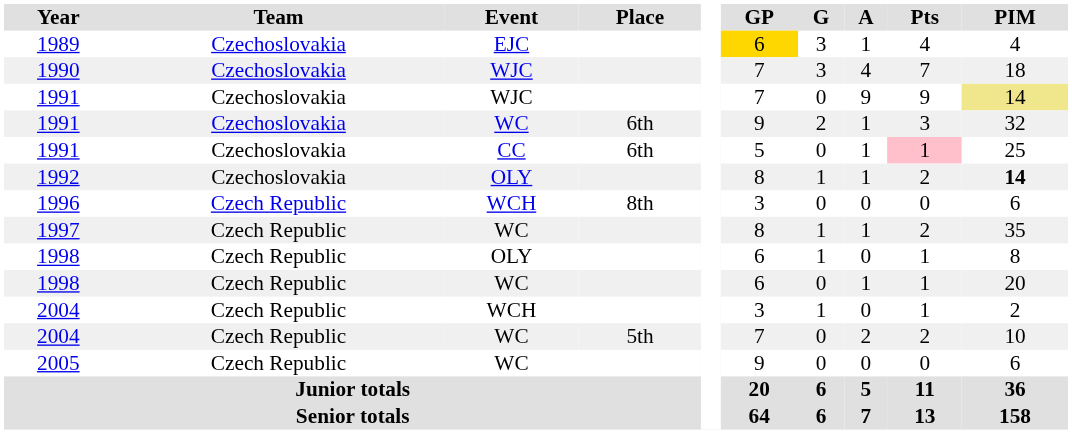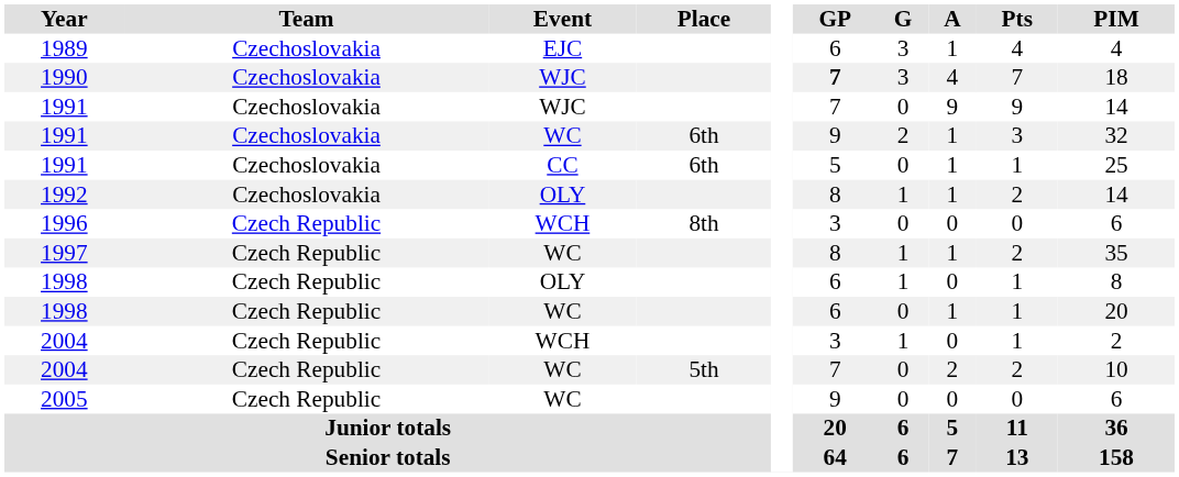 <table border="0" cellpadding="1" cellspacing="0" style="text-align:center; width:50em">
 <tr ALIGN="center" bgcolor="#e0e0e0">
 <th>Year</th>
 <th>Team</th>
 <th>Event</th>
 <th>Place</th>
 <th ALIGN="center" rowspan="99" bgcolor="#ffffff"> </th>
 <th>GP</th>
 <th>G</th>
 <th>A</th>
 <th>Pts</th>
 <th>PIM</th>
 </tr>
 <tr>
 <td><a href='#'>1989</a></td>
 <td><a href='#'>Czechoslovakia</a></td>
 <td><a href='#'>EJC</a></td>
 <td></td>
-<td style="background: gold;">6</td>
+<td>6</td>
 <td>3</td>
 <td>1</td>
 <td>4</td>
 <td>4</td>
 </tr>
 <tr bgcolor="#f0f0f0">
 <td><a href='#'>1990</a></td>
 <td><a href='#'>Czechoslovakia</a></td>
 <td><a href='#'>WJC</a></td>
 <td></td>
-<td>7</td>
+<td><strong>7</strong></td>
 <td>3</td>
 <td>4</td>
 <td>7</td>
 <td>18</td>
 </tr>
 <tr>
 <td><a href='#'>1991</a></td>
 <td>Czechoslovakia</td>
 <td>WJC</td>
 <td></td>
 <td>7</td>
 <td>0</td>
 <td>9</td>
 <td>9</td>
-<td style="background: khaki;">14</td>
+<td>14</td>
 </tr>
 <tr bgcolor="#f0f0f0">
 <td><a href='#'>1991</a></td>
 <td><a href='#'>Czechoslovakia</a></td>
 <td><a href='#'>WC</a></td>
 <td>6th</td>
 <td>9</td>
 <td>2</td>
 <td>1</td>
 <td>3</td>
 <td>32</td>
 </tr>
 <tr>
 <td><a href='#'>1991</a></td>
 <td>Czechoslovakia</td>
 <td><a href='#'>CC</a></td>
 <td>6th</td>
 <td>5</td>
 <td>0</td>
 <td>1</td>
-<td style="background: pink;">1</td>
+<td>1</td>
 <td>25</td>
 </tr>
 <tr bgcolor="#f0f0f0">
 <td><a href='#'>1992</a></td>
 <td>Czechoslovakia</td>
 <td><a href='#'>OLY</a></td>
 <td></td>
 <td>8</td>
 <td>1</td>
 <td>1</td>
 <td>2</td>
-<td><strong>14</strong></td>
+<td>14</td>
 </tr>
 <tr>
 <td><a href='#'>1996</a></td>
 <td><a href='#'>Czech Republic</a></td>
 <td><a href='#'>WCH</a></td>
 <td>8th</td>
 <td>3</td>
 <td>0</td>
 <td>0</td>
 <td>0</td>
 <td>6</td>
 </tr>
 <tr bgcolor="#f0f0f0">
 <td><a href='#'>1997</a></td>
 <td>Czech Republic</td>
 <td>WC</td>
 <td></td>
 <td>8</td>
 <td>1</td>
 <td>1</td>
 <td>2</td>
 <td>35</td>
 </tr>
 <tr>
 <td><a href='#'>1998</a></td>
 <td>Czech Republic</td>
 <td>OLY</td>
 <td></td>
 <td>6</td>
 <td>1</td>
 <td>0</td>
 <td>1</td>
 <td>8</td>
 </tr>
 <tr bgcolor="#f0f0f0">
 <td><a href='#'>1998</a></td>
 <td>Czech Republic</td>
 <td>WC</td>
 <td></td>
 <td>6</td>
 <td>0</td>
 <td>1</td>
 <td>1</td>
 <td>20</td>
 </tr>
 <tr>
 <td><a href='#'>2004</a></td>
 <td>Czech Republic</td>
 <td>WCH</td>
 <td></td>
 <td>3</td>
 <td>1</td>
 <td>0</td>
 <td>1</td>
 <td>2</td>
 </tr>
 <tr bgcolor="#f0f0f0">
 <td><a href='#'>2004</a></td>
 <td>Czech Republic</td>
 <td>WC</td>
 <td>5th</td>
 <td>7</td>
 <td>0</td>
 <td>2</td>
 <td>2</td>
 <td>10</td>
 </tr>
 <tr>
 <td><a href='#'>2005</a></td>
 <td>Czech Republic</td>
 <td>WC</td>
 <td></td>
 <td>9</td>
 <td>0</td>
 <td>0</td>
 <td>0</td>
 <td>6</td>
 </tr>
 <tr bgcolor="#e0e0e0">
 <th colspan=4>Junior totals</th>
 <th>20</th>
 <th>6</th>
 <th>5</th>
 <th>11</th>
 <th>36</th>
 </tr>
 <tr bgcolor="#e0e0e0">
 <th colspan=4>Senior totals</th>
 <th>64</th>
 <th>6</th>
 <th>7</th>
 <th>13</th>
 <th>158</th>
 </tr>
 </table>
